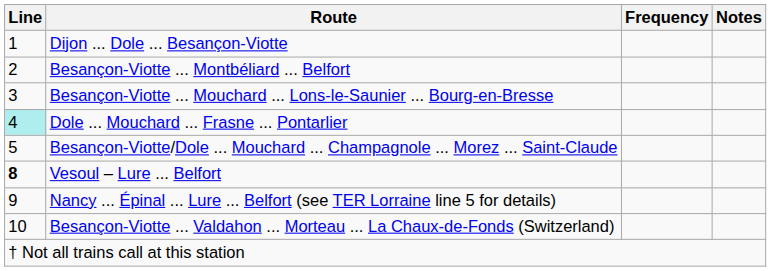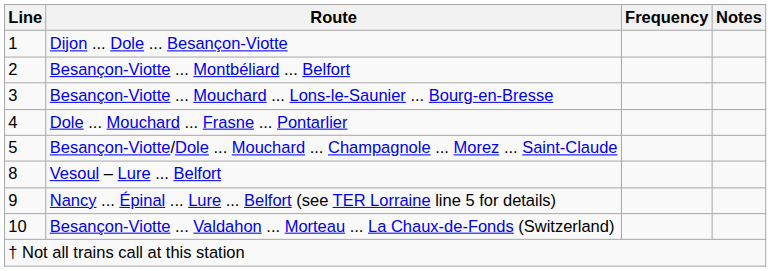 <table class="wikitable vatop">
 <tr>
 <th>Line</th>
 <th>Route</th>
 <th>Frequency</th>
 <th>Notes</th>
 </tr>
 <tr>
 <td>1</td>
 <td><a href='#'>Dijon</a> ... <a href='#'>Dole</a> ... <a href='#'>Besançon-Viotte</a></td>
 <td></td>
 <td></td>
 </tr>
 <tr>
 <td>2</td>
 <td><a href='#'>Besançon-Viotte</a> ... <a href='#'>Montbéliard</a> ... <a href='#'>Belfort</a></td>
 <td></td>
 <td></td>
 </tr>
 <tr>
 <td>3</td>
 <td><a href='#'>Besançon-Viotte</a> ... <a href='#'>Mouchard</a> ... <a href='#'>Lons-le-Saunier</a> ... <a href='#'>Bourg-en-Bresse</a></td>
 <td></td>
 <td></td>
 </tr>
 <tr>
-<td style="background: paleturquoise;">4</td>
+<td>4</td>
 <td><a href='#'>Dole</a> ... <a href='#'>Mouchard</a> ... <a href='#'>Frasne</a> ... <a href='#'>Pontarlier</a></td>
 <td></td>
 <td></td>
 </tr>
 <tr>
 <td>5</td>
 <td><a href='#'>Besançon-Viotte</a>/<a href='#'>Dole</a> ... <a href='#'>Mouchard</a> ... <a href='#'>Champagnole</a> ... <a href='#'>Morez</a> ... <a href='#'>Saint-Claude</a></td>
 <td></td>
 <td></td>
 </tr>
 <tr>
-<td><strong>8</strong></td>
+<td>8</td>
 <td><a href='#'>Vesoul</a> – <a href='#'>Lure</a> ... <a href='#'>Belfort</a></td>
 <td></td>
 <td></td>
 </tr>
 <tr>
 <td>9</td>
 <td><a href='#'>Nancy</a> ... <a href='#'>Épinal</a> ... <a href='#'>Lure</a> ... <a href='#'>Belfort</a> (see <a href='#'>TER Lorraine</a> line 5 for details)</td>
 <td></td>
 <td></td>
 </tr>
 <tr>
 <td>10</td>
 <td><a href='#'>Besançon-Viotte</a> ... <a href='#'>Valdahon</a> ... <a href='#'>Morteau</a> ... <a href='#'>La Chaux-de-Fonds</a> (Switzerland)</td>
 <td></td>
 <td></td>
 </tr>
 <tr>
 <td colspan=4>† Not all trains call at this station</td>
 </tr>
 </table>
